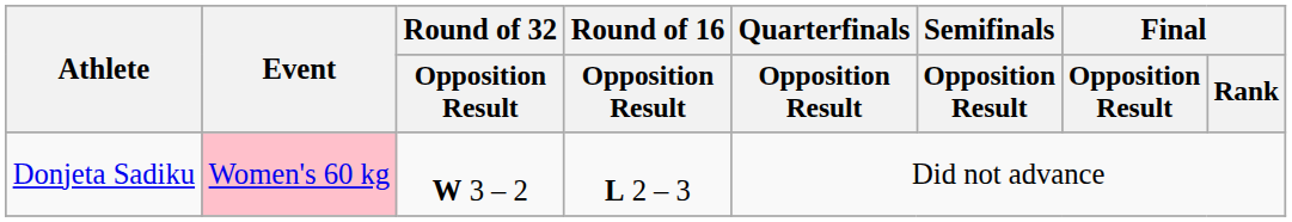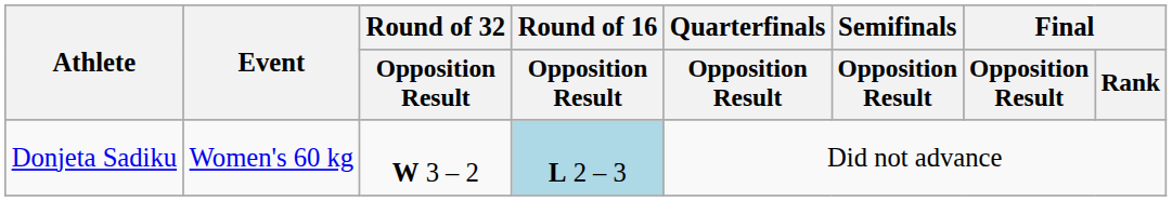 <table class="wikitable" style="font-size:90%">
 <tr>
 <th rowspan="2">Athlete</th>
 <th rowspan="2">Event</th>
 <th>Round of 32</th>
 <th>Round of 16</th>
 <th>Quarterfinals</th>
 <th>Semifinals</th>
 <th colspan=2>Final</th>
 </tr>
 <tr style="font-size:95%">
 <th>Opposition<br>Result</th>
 <th>Opposition<br>Result</th>
 <th>Opposition<br>Result</th>
 <th>Opposition<br>Result</th>
 <th>Opposition<br>Result</th>
 <th>Rank</th>
 </tr>
 <tr align=center>
 <td align=left><a href='#'>Donjeta Sadiku</a></td>
-<td align=left style="background: pink;"><a href='#'>Women's 60 kg</a></td>
+<td align=left><a href='#'>Women's 60 kg</a></td>
 <td><br><strong>W</strong> 3 – 2</td>
-<td><br><strong>L</strong> 2 – 3</td>
+<td style="background: lightblue;"><br><strong>L</strong> 2 – 3</td>
 <td colspan=4>Did not advance</td>
 </tr>
 </table>
